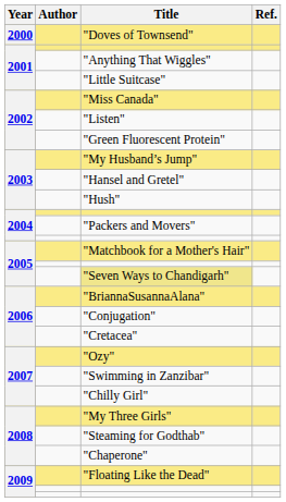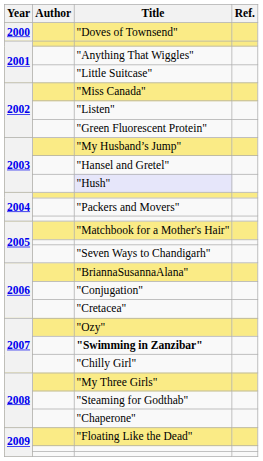 <table class="wikitable sortable mw-collapsible">
 <tr>
 <th>Year</th>
 <th>Author</th>
 <th>Title</th>
 <th>Ref.</th>
 </tr>
 <tr style="background:#FAEB86">
 <th><a href='#'>2000</a></th>
 <td></td>
 <td>"Doves of Townsend"</td>
 <td></td>
 </tr>
 <tr style="background:#FAEB86">
 <th rowspan="3"><a href='#'>2001</a></th>
 <td></td>
 <td></td>
 <td></td>
 </tr>
 <tr>
 <td></td>
 <td>"Anything That Wiggles"</td>
 <td></td>
 </tr>
 <tr>
 <td></td>
 <td>"Little Suitcase"</td>
 <td></td>
 </tr>
 <tr style="background:#FAEB86">
 <th rowspan="3"><a href='#'>2002</a></th>
 <td></td>
 <td>"Miss Canada"</td>
 <td></td>
 </tr>
 <tr>
 <td></td>
 <td>"Listen"</td>
 <td></td>
 </tr>
 <tr>
 <td></td>
 <td>"Green Fluorescent Protein"</td>
 <td></td>
 </tr>
 <tr style="background:#FAEB86">
 <th rowspan="3"><a href='#'>2003</a></th>
 <td></td>
 <td>"My Husband’s Jump"</td>
 <td></td>
 </tr>
 <tr>
 <td></td>
 <td>"Hansel and Gretel"</td>
 <td></td>
 </tr>
 <tr>
 <td></td>
-<td>"Hush"</td>
+<td style="background: lavender;">"Hush"</td>
 <td></td>
 </tr>
 <tr style="background:#FAEB86">
 <th rowspan="3"><a href='#'>2004</a></th>
 <td></td>
 <td></td>
 <td></td>
 </tr>
 <tr>
 <td></td>
 <td>"Packers and Movers"</td>
 <td></td>
 </tr>
 <tr>
 <td></td>
 <td></td>
 <td></td>
 </tr>
 <tr style="background:#FAEB86">
 <th rowspan="3"><a href='#'>2005</a></th>
 <td></td>
 <td>"Matchbook for a Mother's Hair"</td>
 <td></td>
 </tr>
 <tr>
 <td></td>
 <td></td>
 <td></td>
 </tr>
 <tr>
 <td></td>
-<td style="background: khaki;">"Seven Ways to Chandigarh"</td>
+<td>"Seven Ways to Chandigarh"</td>
 <td></td>
 </tr>
 <tr style="background:#FAEB86">
 <th rowspan="3"><a href='#'>2006</a></th>
 <td></td>
 <td>"BriannaSusannaAlana"</td>
 <td></td>
 </tr>
 <tr>
 <td></td>
 <td>"Conjugation"</td>
 <td></td>
 </tr>
 <tr>
 <td></td>
 <td>"Cretacea"</td>
 <td></td>
 </tr>
 <tr style="background:#FAEB86">
 <th rowspan="3"><a href='#'>2007</a></th>
 <td></td>
 <td>"Ozy"</td>
 <td></td>
 </tr>
 <tr>
 <td></td>
-<td>"Swimming in Zanzibar"</td>
+<td><strong>"Swimming in Zanzibar"</strong></td>
 <td></td>
 </tr>
 <tr>
 <td></td>
 <td>"Chilly Girl"</td>
 <td></td>
 </tr>
 <tr style="background:#FAEB86">
 <th rowspan="3"><a href='#'>2008</a></th>
 <td></td>
 <td>"My Three Girls"</td>
 <td></td>
 </tr>
 <tr>
 <td></td>
 <td>"Steaming for Godthab"</td>
 <td></td>
 </tr>
 <tr>
 <td></td>
 <td>"Chaperone"</td>
 <td></td>
 </tr>
 <tr style="background:#FAEB86">
 <th rowspan="3"><a href='#'>2009</a></th>
 <td></td>
 <td>"Floating Like the Dead"</td>
 <td></td>
 </tr>
 <tr>
 <td></td>
 <td></td>
 <td></td>
 </tr>
 <tr>
 <td></td>
 <td></td>
 <td></td>
 </tr>
 </table>
